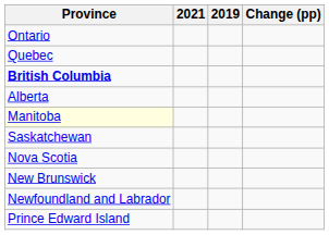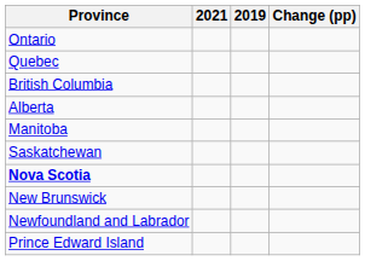 <table class="wikitable" style="text-align:right;">
 <tr>
 <th>Province</th>
 <th>2021</th>
 <th>2019</th>
 <th colspan="3">Change (pp)</th>
 </tr>
 <tr>
 <td style="text-align:left;"><a href='#'>Ontario</a></td>
 <td></td>
 <td></td>
 <td></td>
 </tr>
 <tr>
 <td style="text-align:left;"><a href='#'>Quebec</a></td>
 <td></td>
 <td></td>
 <td></td>
 </tr>
 <tr>
-<td style="text-align:left;"><strong><a href='#'>British Columbia</a></strong></td>
+<td style="text-align:left;"><a href='#'>British Columbia</a></td>
 <td></td>
 <td></td>
 <td></td>
 </tr>
 <tr>
 <td style="text-align:left;"><a href='#'>Alberta</a></td>
 <td></td>
 <td></td>
 <td></td>
 </tr>
 <tr>
-<td style="background: lightyellow; text-align:left;"><a href='#'>Manitoba</a></td>
+<td style="text-align:left;"><a href='#'>Manitoba</a></td>
 <td></td>
 <td></td>
 <td></td>
 </tr>
 <tr>
 <td style="text-align:left;"><a href='#'>Saskatchewan</a></td>
 <td></td>
 <td></td>
 <td></td>
 </tr>
 <tr>
-<td style="text-align:left;"><a href='#'>Nova Scotia</a></td>
+<td style="text-align:left;"><strong><a href='#'>Nova Scotia</a></strong></td>
 <td></td>
 <td></td>
 <td></td>
 </tr>
 <tr>
 <td style="text-align:left;"><a href='#'>New Brunswick</a></td>
 <td></td>
 <td></td>
 <td></td>
 </tr>
 <tr>
 <td style="text-align:left;"><a href='#'>Newfoundland and Labrador</a></td>
 <td></td>
 <td></td>
 <td></td>
 </tr>
 <tr>
 <td style="text-align:left;"><a href='#'>Prince Edward Island</a></td>
 <td></td>
 <td></td>
 <td></td>
 </tr>
 </table>
